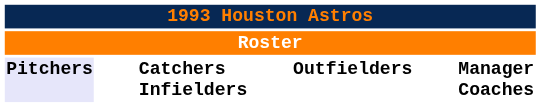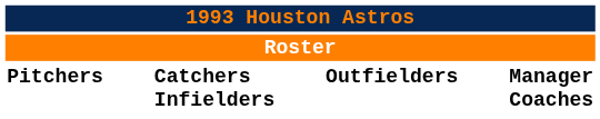 <table class="toccolours" style="text-align: left;">
 <tr>
 <th colspan="10" style="background-color: #072854; color: #FF7F00; text-align: center;">1993 Houston Astros</th>
 </tr>
 <tr>
 <td colspan="10" style="background-color: #FF7F00; color: white; text-align: center;"><strong>Roster</strong></td>
 </tr>
 <tr>
-<td valign="top" style="background: lavender;"><strong>Pitchers</strong><br>               </td>
+<td valign="top"><strong>Pitchers</strong><br>               </td>
 <td width="25px"></td>
 <td valign="top"><strong>Catchers</strong><br>   <strong>Infielders</strong>          </td>
 <td width="25px"></td>
 <td valign="top"><strong>Outfielders</strong><br>      </td>
 <td width="25px"></td>
 <td valign="top"><strong>Manager</strong><br> <strong>Coaches</strong>     </td>
 </tr>
 </table>
